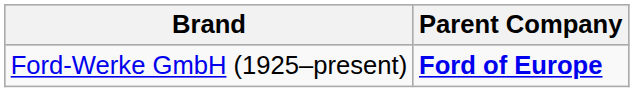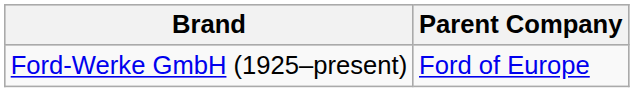 <table class="wikitable sortable">
 <tr>
 <th>Brand</th>
 <th>Parent Company</th>
 </tr>
 <tr>
 <td><a href='#'>Ford-Werke GmbH</a> (1925–present)</td>
-<td><strong><a href='#'>Ford of Europe</a></strong></td>
+<td><a href='#'>Ford of Europe</a></td>
 </tr>
 </table>
